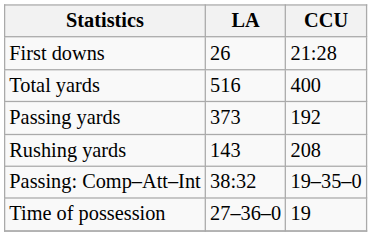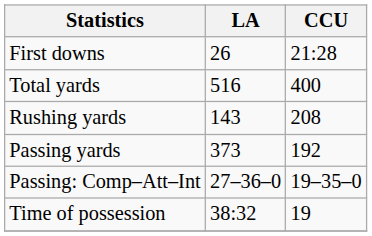 <table class="wikitable" style="float: left;">
 <tr>
 <th>Statistics</th>
 <th>LA</th>
 <th>CCU</th>
 </tr>
 <tr>
 <td>First downs</td>
 <td>26</td>
 <td>21:28</td>
 </tr>
 <tr>
 <td>Total yards</td>
 <td>516</td>
 <td>400</td>
 </tr>
 <tr>
+<td>Rushing yards</td>
+<td>143</td>
+<td>208</td>
+</tr>
+<tr>
 <td>Passing yards</td>
 <td>373</td>
 <td>192</td>
 </tr>
 <tr>
-<td>Rushing yards</td>
-<td>143</td>
-<td>208</td>
-</tr>
-<tr>
 <td>Passing: Comp–Att–Int</td>
-<td>38:32</td>
+<td>27–36–0</td>
 <td>19–35–0</td>
 </tr>
 <tr>
 <td>Time of possession</td>
-<td>27–36–0</td>
+<td>38:32</td>
 <td>19</td>
 </tr>
 <tr>
 </tr>
 </table>
